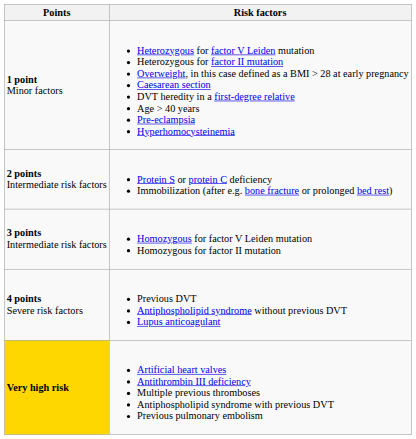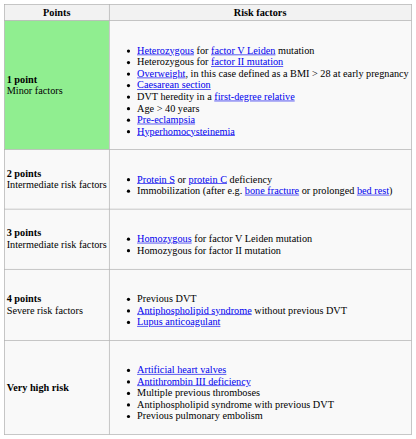 <table class="wikitable">
 <tr>
 <th>Points</th>
 <th>Risk factors</th>
 </tr>
 <tr>
-<td><strong>1 point</strong> <br> <span>Minor factors</span></td>
+<td style="background: lightgreen;"><strong>1 point</strong> <br> <span>Minor factors</span></td>
 <td><br><ul><li><a href='#'>Heterozygous</a> for <a href='#'>factor V Leiden</a> mutation</li><li>Heterozygous for <a href='#'>factor II mutation</a></li><li><a href='#'>Overweight</a>, in this case defined as a BMI > 28 at early pregnancy</li><li><a href='#'>Caesarean section</a></li><li>DVT heredity in a <a href='#'>first-degree relative</a></li><li>Age > 40 years</li><li><a href='#'>Pre-eclampsia</a></li><li><a href='#'>Hyperhomocysteinemia</a></li></ul></td>
 </tr>
 <tr>
 <td><strong>2 points</strong> <br><span> Intermediate risk factors</span></td>
 <td><br><ul><li><a href='#'>Protein S</a> or <a href='#'>protein C</a> deficiency</li><li>Immobilization (after e.g. <a href='#'>bone fracture</a> or prolonged <a href='#'>bed rest</a>)</li></ul></td>
 </tr>
 <tr>
 <td><strong>3 points</strong> <br><span> Intermediate risk factors</span></td>
 <td><br><ul><li><a href='#'>Homozygous</a> for factor V Leiden mutation</li><li>Homozygous for factor II mutation</li></ul></td>
 </tr>
 <tr>
 <td><strong>4 points</strong> <br><span> Severe risk factors</span></td>
 <td><br><ul><li>Previous DVT</li><li><a href='#'>Antiphospholipid syndrome</a> without previous DVT</li><li><a href='#'>Lupus anticoagulant</a></li></ul></td>
 </tr>
 <tr>
-<td style="background: gold;"><strong>Very high risk</strong></td>
+<td><strong>Very high risk</strong></td>
 <td><br><ul><li><a href='#'>Artificial heart valves</a></li><li><a href='#'>Antithrombin III deficiency</a></li><li>Multiple previous thromboses</li><li>Antiphospholipid syndrome with previous DVT</li><li>Previous pulmonary embolism</li></ul></td>
 </tr>
 </table>
